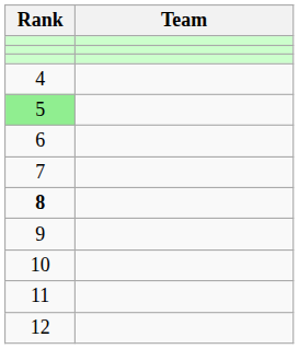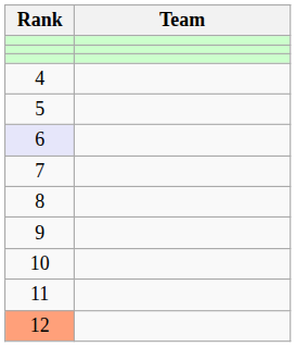 <table class="wikitable" style="text-align: center">
 <tr>
 <th width=50>Rank</th>
 <th width=170>Team</th>
 </tr>
 <tr bgcolor=#ccffcc>
 <td></td>
 <td align=left></td>
 </tr>
 <tr bgcolor=#ccffcc>
 <td></td>
 <td align=left></td>
 </tr>
 <tr bgcolor=#ccffcc>
 <td></td>
 <td align=left></td>
 </tr>
 <tr>
 <td>4</td>
 <td align=left></td>
 </tr>
 <tr>
-<td style="background: lightgreen;">5</td>
+<td>5</td>
 <td align=left></td>
 </tr>
 <tr>
-<td>6</td>
+<td style="background: lavender;">6</td>
 <td align=left></td>
 </tr>
 <tr>
 <td>7</td>
 <td align=left></td>
 </tr>
 <tr>
-<td><strong>8</strong></td>
+<td>8</td>
 <td align=left></td>
 </tr>
 <tr>
 <td>9</td>
 <td align=left></td>
 </tr>
 <tr>
 <td>10</td>
 <td align=left></td>
 </tr>
 <tr>
 <td>11</td>
 <td align=left></td>
 </tr>
 <tr>
-<td>12</td>
+<td style="background: lightsalmon;">12</td>
 <td align=left></td>
 </tr>
 </table>
